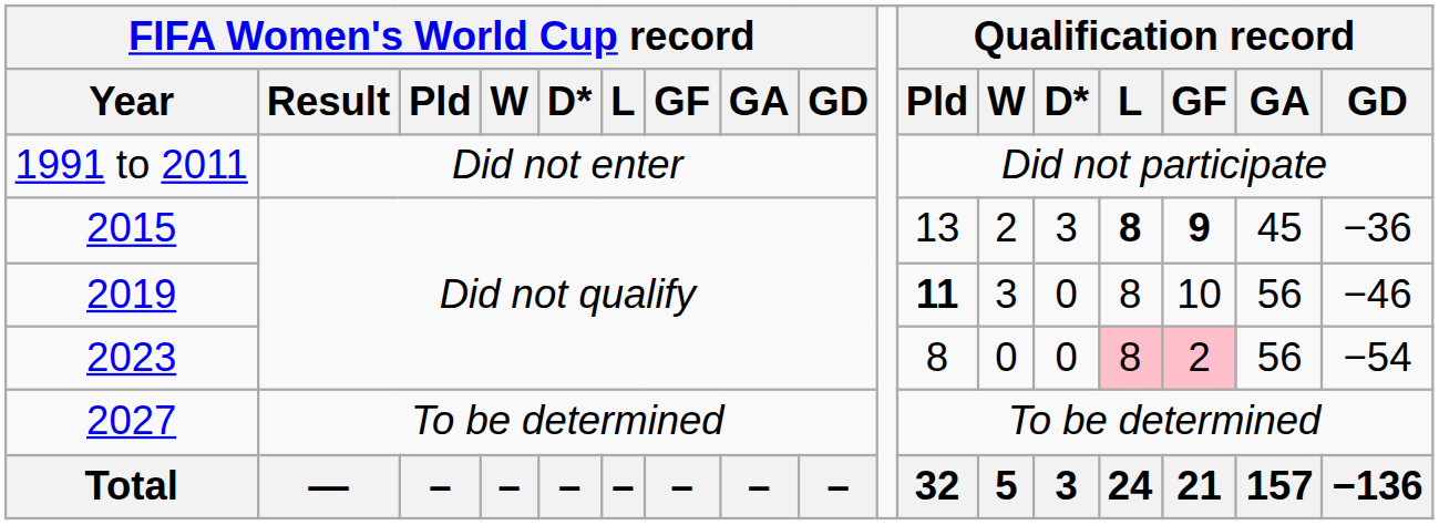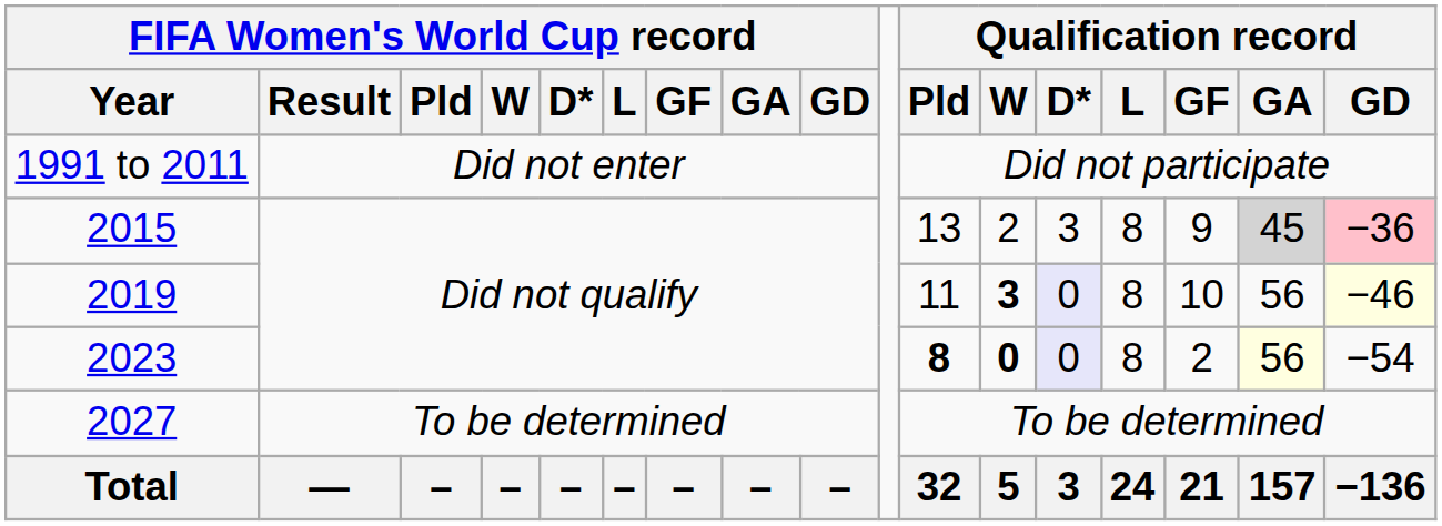 <table class="wikitable" style="text-align: center;">
 <tr>
 <th colspan=9><a href='#'>FIFA Women's World Cup</a> record</th>
 <td rowspan=100></td>
 <th colspan=7>Qualification record</th>
 </tr>
 <tr>
 <th>Year</th>
 <th>Result</th>
 <th>Pld</th>
 <th>W</th>
 <th>D*</th>
 <th>L</th>
 <th>GF</th>
 <th>GA</th>
 <th>GD<br></th>
 <th>Pld</th>
 <th>W</th>
 <th>D*</th>
 <th>L</th>
 <th>GF</th>
 <th>GA</th>
 <th>GD</th>
 </tr>
 <tr>
 <td> <a href='#'>1991</a> to  <a href='#'>2011</a></td>
 <td colspan=8><em>Did not enter</em></td>
 <td colspan=7><em>Did not participate</em></td>
 </tr>
 <tr>
 <td> <a href='#'>2015</a></td>
 <td colspan=8 rowspan=3><em>Did not qualify</em></td>
 <td>13</td>
 <td>2</td>
 <td>3</td>
-<td><strong>8</strong></td>
-<td><strong>9</strong></td>
-<td>45</td>
-<td>−36</td>
+<td>8</td>
+<td>9</td>
+<td style="background: lightgrey;">45</td>
+<td style="background: pink;">−36</td>
 </tr>
 <tr>
 <td> <a href='#'>2019</a></td>
-<td><strong>11</strong></td>
-<td>3</td>
-<td>0</td>
+<td>11</td>
+<td><strong>3</strong></td>
+<td style="background: lavender;">0</td>
 <td>8</td>
 <td>10</td>
 <td>56</td>
-<td>−46</td>
+<td style="background: lightyellow;">−46</td>
 </tr>
 <tr>
 <td> <a href='#'>2023</a></td>
+<td><strong>8</strong></td>
+<td><strong>0</strong></td>
+<td style="background: lavender;">0</td>
 <td>8</td>
-<td>0</td>
-<td>0</td>
-<td style="background: pink;">8</td>
-<td style="background: pink;">2</td>
-<td>56</td>
+<td>2</td>
+<td style="background: lightyellow;">56</td>
 <td>−54</td>
 </tr>
 <tr>
 <td> <a href='#'>2027</a></td>
 <td colspan=8><em>To be determined</em></td>
 <td colspan=7><em>To be determined</em></td>
 </tr>
 <tr>
 <th>Total</th>
 <th>—</th>
 <th>–</th>
 <th>–</th>
 <th>–</th>
 <th>–</th>
 <th>–</th>
 <th>–</th>
 <th>–</th>
 <th>32</th>
 <th>5</th>
 <th>3</th>
 <th>24</th>
 <th>21</th>
 <th>157</th>
 <th>−136</th>
 </tr>
 </table>
